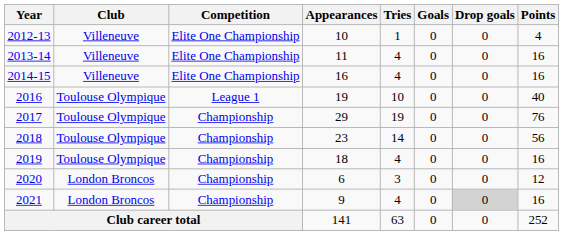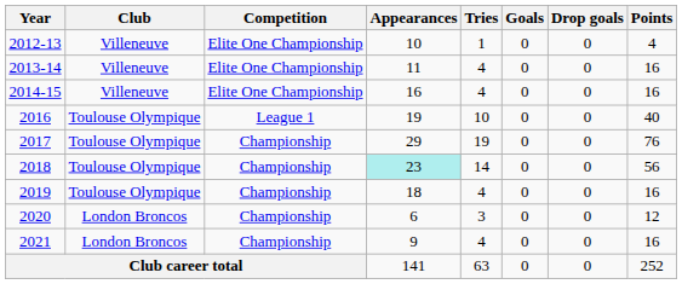 <table class=wikitable style="text-align: center;">
 <tr>
 <th>Year</th>
 <th>Club</th>
 <th>Competition</th>
 <th>Appearances</th>
 <th>Tries</th>
 <th>Goals</th>
 <th>Drop goals</th>
 <th>Points</th>
 </tr>
 <tr>
 <td><a href='#'>2012-13</a></td>
 <td><a href='#'>Villeneuve</a></td>
 <td><a href='#'>Elite One Championship</a></td>
 <td>10</td>
 <td>1</td>
 <td>0</td>
 <td>0</td>
 <td>4</td>
 </tr>
 <tr>
 <td><a href='#'>2013-14</a></td>
 <td><a href='#'>Villeneuve</a></td>
 <td><a href='#'>Elite One Championship</a></td>
 <td>11</td>
 <td>4</td>
 <td>0</td>
 <td>0</td>
 <td>16</td>
 </tr>
 <tr>
 <td><a href='#'>2014-15</a></td>
 <td><a href='#'>Villeneuve</a></td>
 <td><a href='#'>Elite One Championship</a></td>
 <td>16</td>
 <td>4</td>
 <td>0</td>
 <td>0</td>
 <td>16</td>
 </tr>
 <tr>
 <td><a href='#'>2016</a></td>
 <td><a href='#'>Toulouse Olympique</a></td>
 <td><a href='#'>League 1</a></td>
 <td>19</td>
 <td>10</td>
 <td>0</td>
 <td>0</td>
 <td>40</td>
 </tr>
 <tr>
 <td><a href='#'>2017</a></td>
 <td><a href='#'>Toulouse Olympique</a></td>
 <td><a href='#'>Championship</a></td>
 <td>29</td>
 <td>19</td>
 <td>0</td>
 <td>0</td>
 <td>76</td>
 </tr>
 <tr>
 <td><a href='#'>2018</a></td>
 <td><a href='#'>Toulouse Olympique</a></td>
 <td><a href='#'>Championship</a></td>
-<td>23</td>
+<td style="background: paleturquoise;">23</td>
 <td>14</td>
 <td>0</td>
 <td>0</td>
 <td>56</td>
 </tr>
 <tr>
 <td><a href='#'>2019</a></td>
 <td><a href='#'>Toulouse Olympique</a></td>
 <td><a href='#'>Championship</a></td>
 <td>18</td>
 <td>4</td>
 <td>0</td>
 <td>0</td>
 <td>16</td>
 </tr>
 <tr>
 <td><a href='#'>2020</a></td>
 <td><a href='#'>London Broncos</a></td>
 <td><a href='#'>Championship</a></td>
 <td>6</td>
 <td>3</td>
 <td>0</td>
 <td>0</td>
 <td>12</td>
 </tr>
 <tr>
 <td><a href='#'>2021</a></td>
 <td><a href='#'>London Broncos</a></td>
 <td><a href='#'>Championship</a></td>
 <td>9</td>
 <td>4</td>
 <td>0</td>
-<td style="background: lightgrey;">0</td>
+<td>0</td>
 <td>16</td>
 </tr>
 <tr>
 <th colspan=3>Club career total </th>
 <td>141</td>
 <td>63</td>
 <td>0</td>
 <td>0</td>
 <td>252</td>
 </tr>
 </table>
